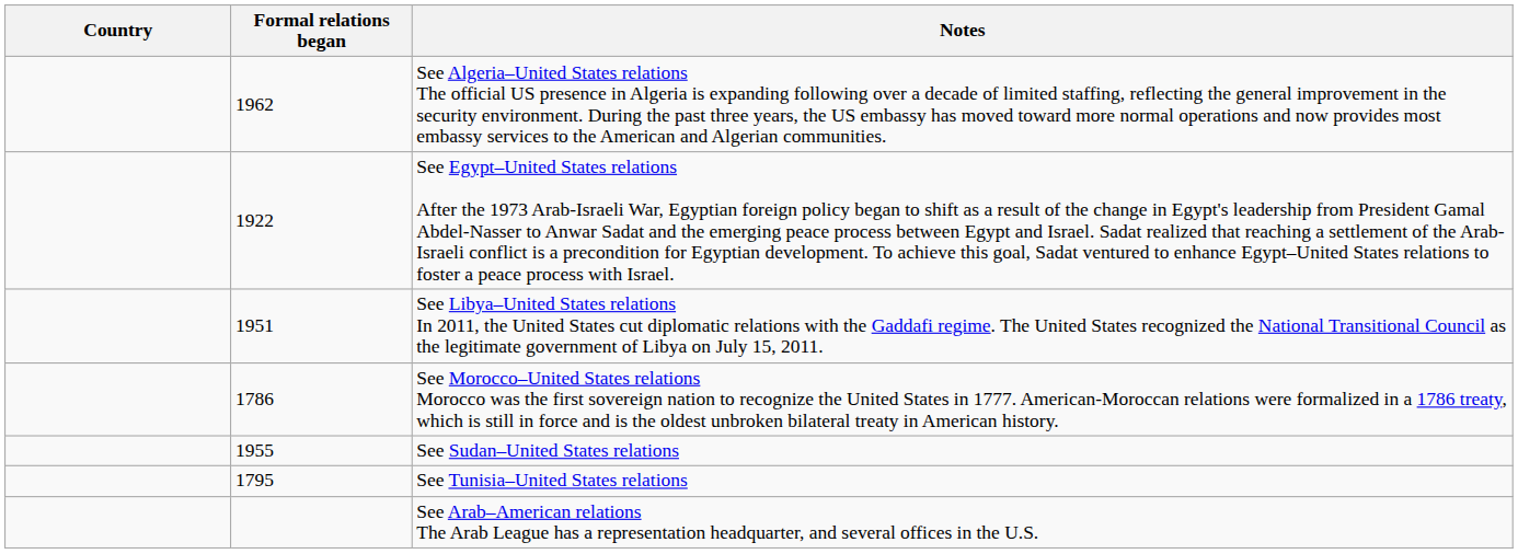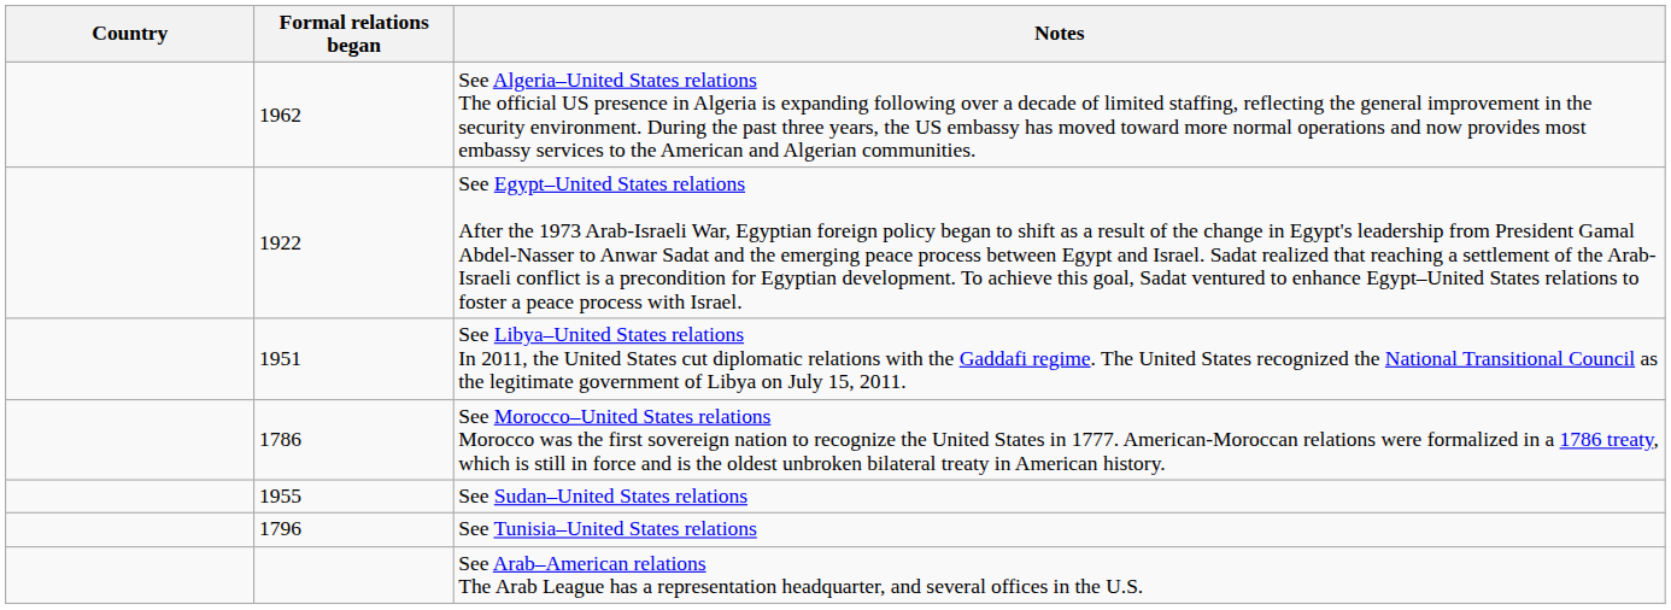 <table class="wikitable sortable" border="1" style="width:100%; margin:auto;">
 <tr>
 <th width="15%">Country</th>
 <th width="12%">Formal relations began</th>
 <th>Notes</th>
 </tr>
 <tr -valign="top">
 <td></td>
 <td>1962</td>
 <td>See <a href='#'>Algeria–United States relations</a><br>The official US presence in Algeria is expanding following over a decade of limited staffing, reflecting the general improvement in the security environment. During the past three years, the US embassy has moved toward more normal operations and now provides most embassy services to the American and Algerian communities.</td>
 </tr>
 <tr -valign="top">
 <td></td>
 <td>1922</td>
 <td>See <a href='#'>Egypt–United States relations</a><br><br>After the 1973 Arab-Israeli War, Egyptian foreign policy began to shift as a result of the change in Egypt's leadership from President Gamal Abdel-Nasser to Anwar Sadat and the emerging peace process between Egypt and Israel. Sadat realized that reaching a settlement of the Arab-Israeli conflict is a precondition for Egyptian development. To achieve this goal, Sadat ventured to enhance Egypt–United States relations to foster a peace process with Israel.</td>
 </tr>
 <tr -valign="top">
 <td></td>
 <td>1951</td>
 <td>See <a href='#'>Libya–United States relations</a><br>In 2011, the United States cut diplomatic relations with the <a href='#'>Gaddafi regime</a>. The United States recognized the <a href='#'>National Transitional Council</a> as the legitimate government of Libya on July 15, 2011.</td>
 </tr>
 <tr -valign="top">
 <td></td>
 <td>1786</td>
 <td>See <a href='#'>Morocco–United States relations</a><br>Morocco was the first sovereign nation to recognize the United States in 1777. American-Moroccan relations were formalized in a <a href='#'>1786 treaty</a>, which is still in force and is the oldest unbroken bilateral treaty in American history.</td>
 </tr>
 <tr -valign="top">
 <td></td>
 <td>1955</td>
 <td>See <a href='#'>Sudan–United States relations</a></td>
 </tr>
 <tr -valign="top">
 <td></td>
-<td>1795</td>
+<td>1796</td>
 <td>See <a href='#'>Tunisia–United States relations</a></td>
 </tr>
 <tr -valign="top">
 <td></td>
 <td></td>
 <td>See <a href='#'>Arab–American relations</a><br> The Arab League has a representation headquarter, and several offices in the U.S.</td>
 </tr>
 </table>
